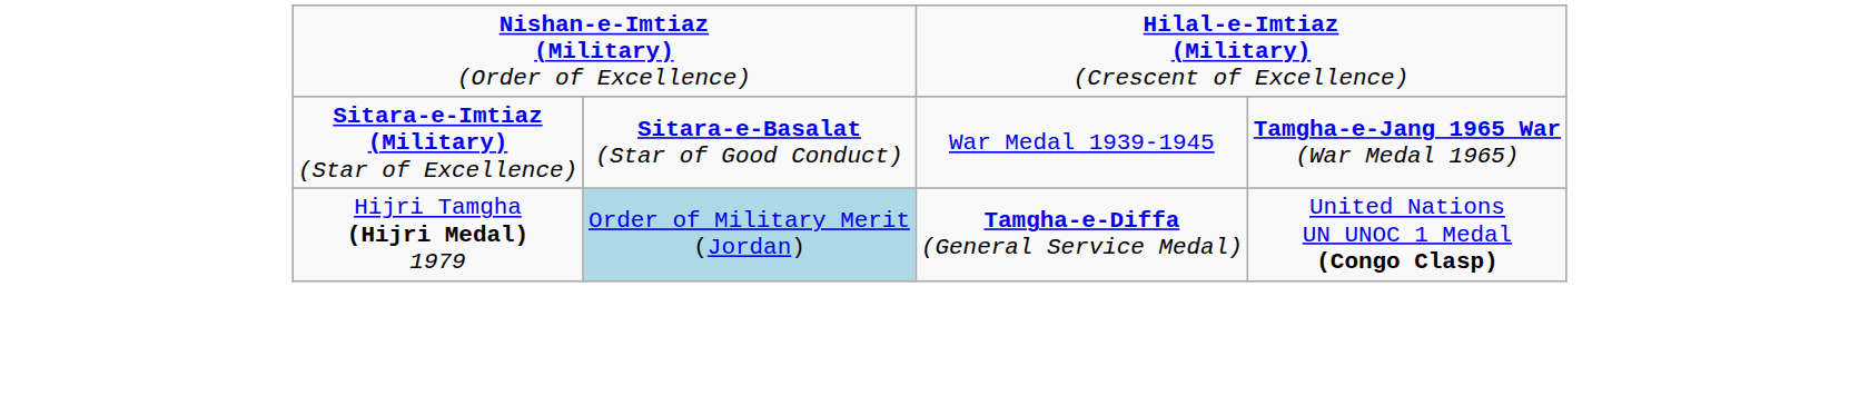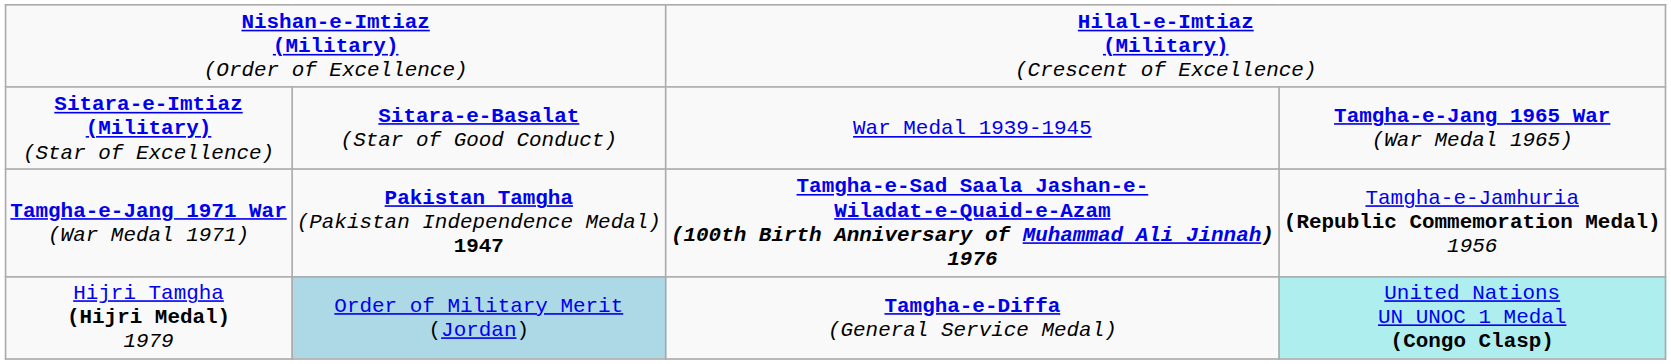 <table class="wikitable" style="margin:1em auto; text-align:center;">
 <tr>
 <td colspan="2"><strong><a href='#'>Nishan-e-Imtiaz</a></strong><br><strong><a href='#'>(Military)</a></strong><br><em>(Order of Excellence)</em></td>
 <td colspan="2"><strong><a href='#'>Hilal-e-Imtiaz</a></strong><br><strong><a href='#'>(Military)</a></strong><br><em>(Crescent of Excellence)</em></td>
 </tr>
 <tr>
 <td><strong><a href='#'>Sitara-e-Imtiaz</a></strong><br><strong><a href='#'>(Military)</a></strong><br><em>(Star of Excellence)</em></td>
 <td><strong><a href='#'>Sitara-e-Basalat</a></strong><br><em>(Star of Good Conduct)</em></td>
 <td></strong><a href='#'>War Medal 1939-1945</a><strong></td>
 <td><strong><a href='#'>Tamgha-e-Jang 1965 War</a></strong><br><em>(War Medal 1965)</em></td>
 </tr>
 <tr>
+<td><strong><a href='#'>Tamgha-e-Jang 1971 War</a></strong><br><em>(War Medal 1971)</em></td>
+<td><strong><a href='#'>Pakistan Tamgha</a></strong><br><em>(Pakistan Independence Medal)</em><br><strong>1947</strong></td>
+<td><strong><a href='#'>Tamgha-e-Sad Saala Jashan-e-</a></strong><br><strong><a href='#'>Wiladat-e-Quaid-e-Azam</a></strong><br><strong><em>(<strong>100th Birth Anniversary of<em> </em><a href='#'>Muhammad Ali Jinnah</a>)<em><br></strong>1976<strong></td>
+<td></strong><a href='#'>Tamgha-e-Jamhuria</a><strong><br></em>(Republic Commemoration Medal)<em><br></strong>1956<strong></td>
+</tr>
+<tr>
 <td></strong><a href='#'>Hijri Tamgha</a><strong><br></em>(Hijri Medal)<em><br></strong>1979<strong></td>
 <td style="background: lightblue;"></strong><a href='#'>Order of Military Merit</a><strong><br></strong>(<a href='#'>Jordan</a>)<strong></td>
 <td><strong><a href='#'>Tamgha-e-Diffa</a></strong><br><em>(General Service Medal)</em></td>
-<td></strong><a href='#'>United Nations</a><strong><br></strong><a href='#'>UN UNOC 1 Medal</a><strong><br></em>(Congo Clasp)<em></td>
+<td style="background: paleturquoise;"></strong><a href='#'>United Nations</a><strong><br></strong><a href='#'>UN UNOC 1 Medal</a><strong><br></em>(Congo Clasp)<em></td>
 </tr>
 </table>
